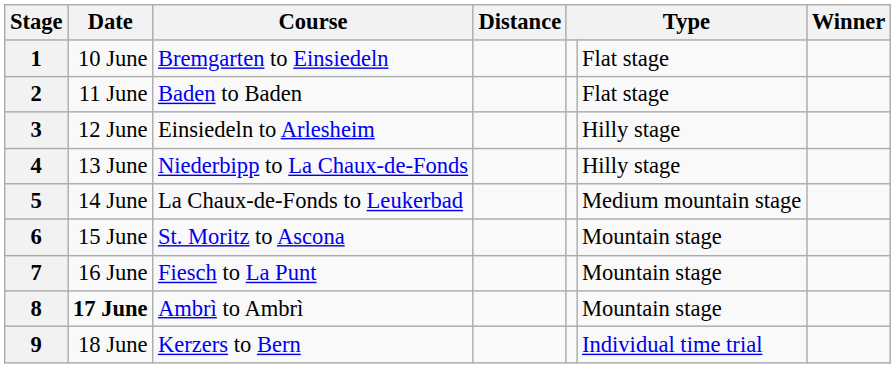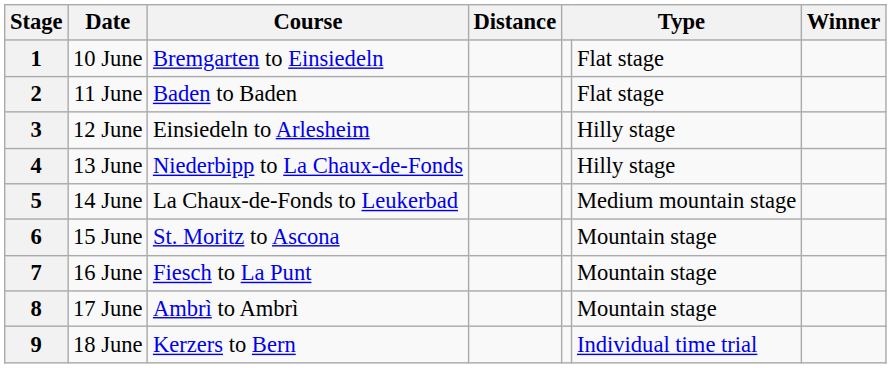 <table class="wikitable">
 <tr>
 <th scope="col">Stage</th>
 <th scope="col">Date</th>
 <th scope="col">Course</th>
 <th scope="col">Distance</th>
 <th scope="col" colspan="2">Type</th>
 <th scope="col">Winner</th>
 </tr>
 <tr>
 <th scope="row">1</th>
 <td style="text-align:right;">10 June</td>
 <td><a href='#'>Bremgarten</a> to <a href='#'>Einsiedeln</a></td>
 <td></td>
 <td></td>
 <td>Flat stage</td>
 <td></td>
 </tr>
 <tr>
 <th scope="row">2</th>
 <td style="text-align:right;">11 June</td>
 <td><a href='#'>Baden</a> to Baden</td>
 <td></td>
 <td></td>
 <td>Flat stage</td>
 <td></td>
 </tr>
 <tr>
 <th scope="row">3</th>
 <td style="text-align:right;">12 June</td>
 <td>Einsiedeln to <a href='#'>Arlesheim</a></td>
 <td></td>
 <td></td>
 <td>Hilly stage</td>
 <td></td>
 </tr>
 <tr>
 <th scope="row">4</th>
 <td style="text-align:right;">13 June</td>
 <td><a href='#'>Niederbipp</a> to <a href='#'>La Chaux-de-Fonds</a></td>
 <td></td>
 <td></td>
 <td>Hilly stage</td>
 <td></td>
 </tr>
 <tr>
 <th scope="row">5</th>
 <td style="text-align:right;">14 June</td>
 <td>La Chaux-de-Fonds to <a href='#'>Leukerbad</a></td>
 <td></td>
 <td></td>
 <td>Medium mountain stage</td>
 <td></td>
 </tr>
 <tr>
 <th scope="row">6</th>
 <td style="text-align:right;">15 June</td>
 <td><a href='#'>St. Moritz</a> to <a href='#'>Ascona</a></td>
 <td></td>
 <td></td>
 <td>Mountain stage</td>
 <td></td>
 </tr>
 <tr>
 <th scope="row">7</th>
 <td style="text-align:right;">16 June</td>
 <td><a href='#'>Fiesch</a> to <a href='#'>La Punt</a></td>
 <td></td>
 <td></td>
 <td>Mountain stage</td>
 <td></td>
 </tr>
 <tr>
 <th scope="row">8</th>
-<td style="text-align:right;"><strong>17 June</strong></td>
+<td style="text-align:right;">17 June</td>
 <td><a href='#'>Ambrì</a> to Ambrì</td>
 <td></td>
 <td></td>
 <td>Mountain stage</td>
 <td></td>
 </tr>
 <tr>
 <th scope="row">9</th>
 <td style="text-align:right;">18 June</td>
 <td><a href='#'>Kerzers</a> to <a href='#'>Bern</a></td>
 <td></td>
 <td></td>
 <td><a href='#'>Individual time trial</a></td>
 <td><s></s></td>
 </tr>
 </table>
